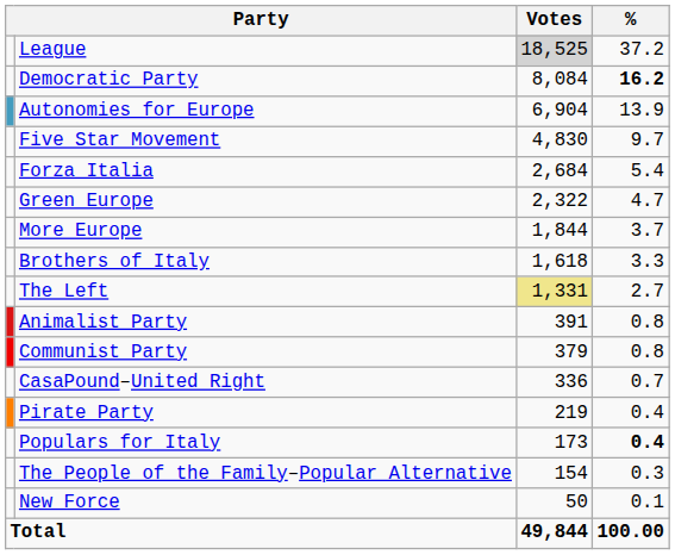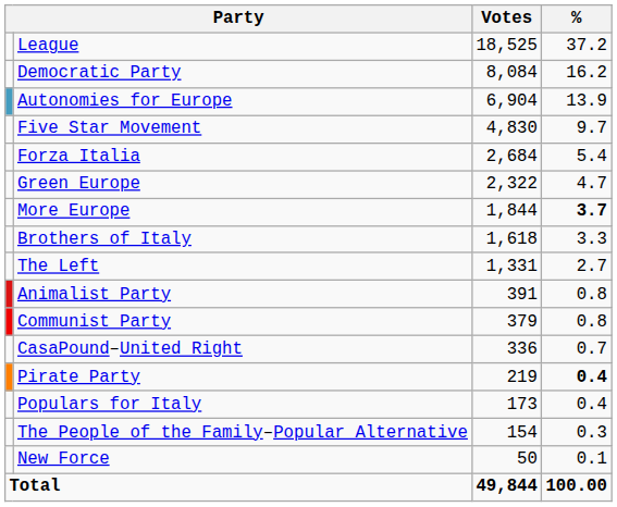 <table class="wikitable" style="font-size:95%">
 <tr>
 <th colspan=2>Party</th>
 <th>Votes</th>
 <th>%</th>
 </tr>
 <tr>
 <td></td>
 <td><a href='#'>League</a></td>
-<td align=right style="background: lightgrey;">18,525</td>
+<td align=right>18,525</td>
 <td align=right>37.2</td>
 </tr>
 <tr>
 <td></td>
 <td><a href='#'>Democratic Party</a></td>
 <td align=right>8,084</td>
-<td align=right><strong>16.2</strong></td>
+<td align=right>16.2</td>
 </tr>
 <tr>
 <td style="background-color: #439CBF"></td>
 <td><a href='#'>Autonomies for Europe</a></td>
 <td align=right>6,904</td>
 <td align=right>13.9</td>
 </tr>
 <tr>
 <td></td>
 <td><a href='#'>Five Star Movement</a></td>
 <td align=right>4,830</td>
 <td align=right>9.7</td>
 </tr>
 <tr>
 <td></td>
 <td><a href='#'>Forza Italia</a></td>
 <td align=right>2,684</td>
 <td align=right>5.4</td>
 </tr>
 <tr>
 <td></td>
 <td><a href='#'>Green Europe</a></td>
 <td align=right>2,322</td>
 <td align=right>4.7</td>
 </tr>
 <tr>
 <td></td>
 <td><a href='#'>More Europe</a></td>
 <td align=right>1,844</td>
-<td align=right>3.7</td>
+<td align=right><strong>3.7</strong></td>
 </tr>
 <tr>
 <td></td>
 <td><a href='#'>Brothers of Italy</a></td>
 <td align=right>1,618</td>
 <td align=right>3.3</td>
 </tr>
 <tr>
 <td></td>
 <td><a href='#'>The Left</a></td>
-<td align=right style="background: khaki;">1,331</td>
+<td align=right>1,331</td>
 <td align=right>2.7</td>
 </tr>
 <tr>
 <td style="background-color: #db1313"></td>
 <td><a href='#'>Animalist Party</a></td>
 <td align=right>391</td>
 <td align=right>0.8</td>
 </tr>
 <tr>
 <td style="background-color: #F00000"></td>
 <td><a href='#'>Communist Party</a></td>
 <td align=right>379</td>
 <td align=right>0.8</td>
 </tr>
 <tr>
 <td style="background-color:"></td>
 <td><a href='#'>CasaPound</a>–<a href='#'>United Right</a></td>
 <td align=right>336</td>
 <td align=right>0.7</td>
 </tr>
 <tr>
 <td style="background-color: #FF7F00"></td>
 <td><a href='#'>Pirate Party</a></td>
 <td align=right>219</td>
-<td align=right>0.4</td>
+<td align=right><strong>0.4</strong></td>
 </tr>
 <tr>
 <td style="background-color:"></td>
 <td><a href='#'>Populars for Italy</a></td>
 <td align=right>173</td>
-<td align=right><strong>0.4</strong></td>
+<td align=right>0.4</td>
 </tr>
 <tr>
 <td style="background-color:"></td>
 <td><a href='#'>The People of the Family</a>–<a href='#'>Popular Alternative</a></td>
 <td align=right>154</td>
 <td align=right>0.3</td>
 </tr>
 <tr>
 <td style="background:"></td>
 <td><a href='#'>New Force</a></td>
 <td align=right>50</td>
 <td align=right>0.1</td>
 </tr>
 <tr>
 <td colspan=2><strong>Total</strong></td>
 <td align=right><strong>49,844</strong></td>
 <td align=right><strong>100.00</strong></td>
 </tr>
 </table>
